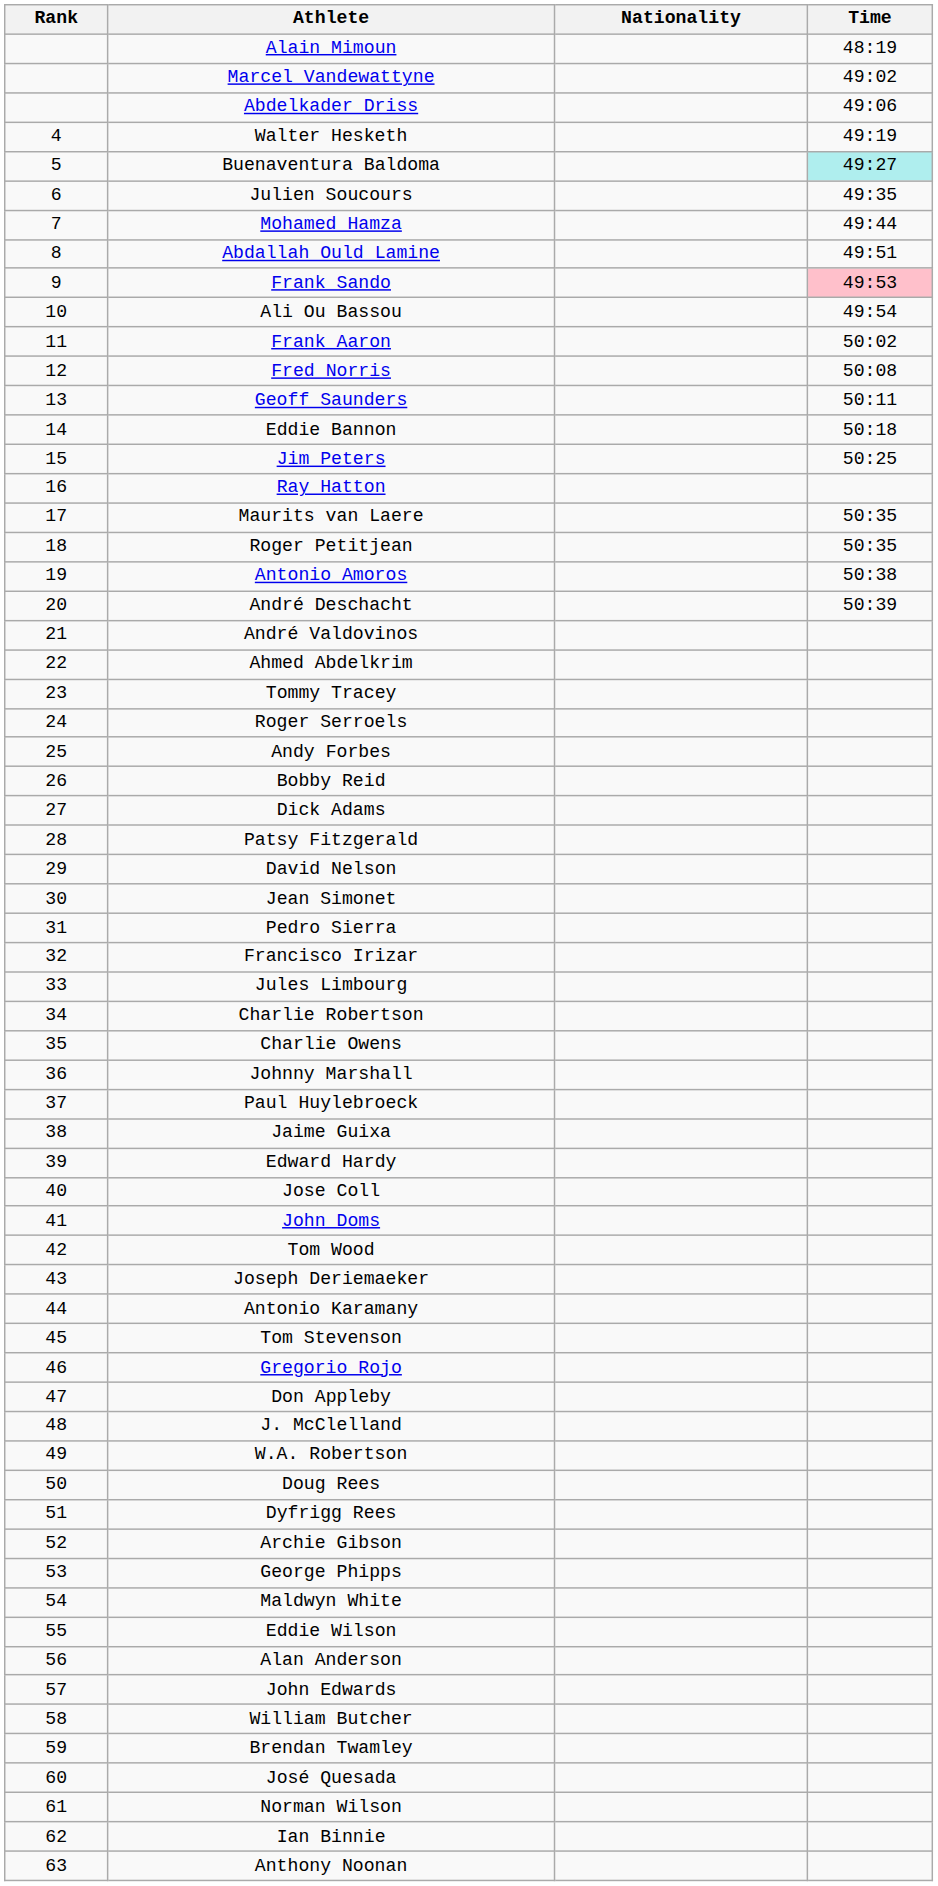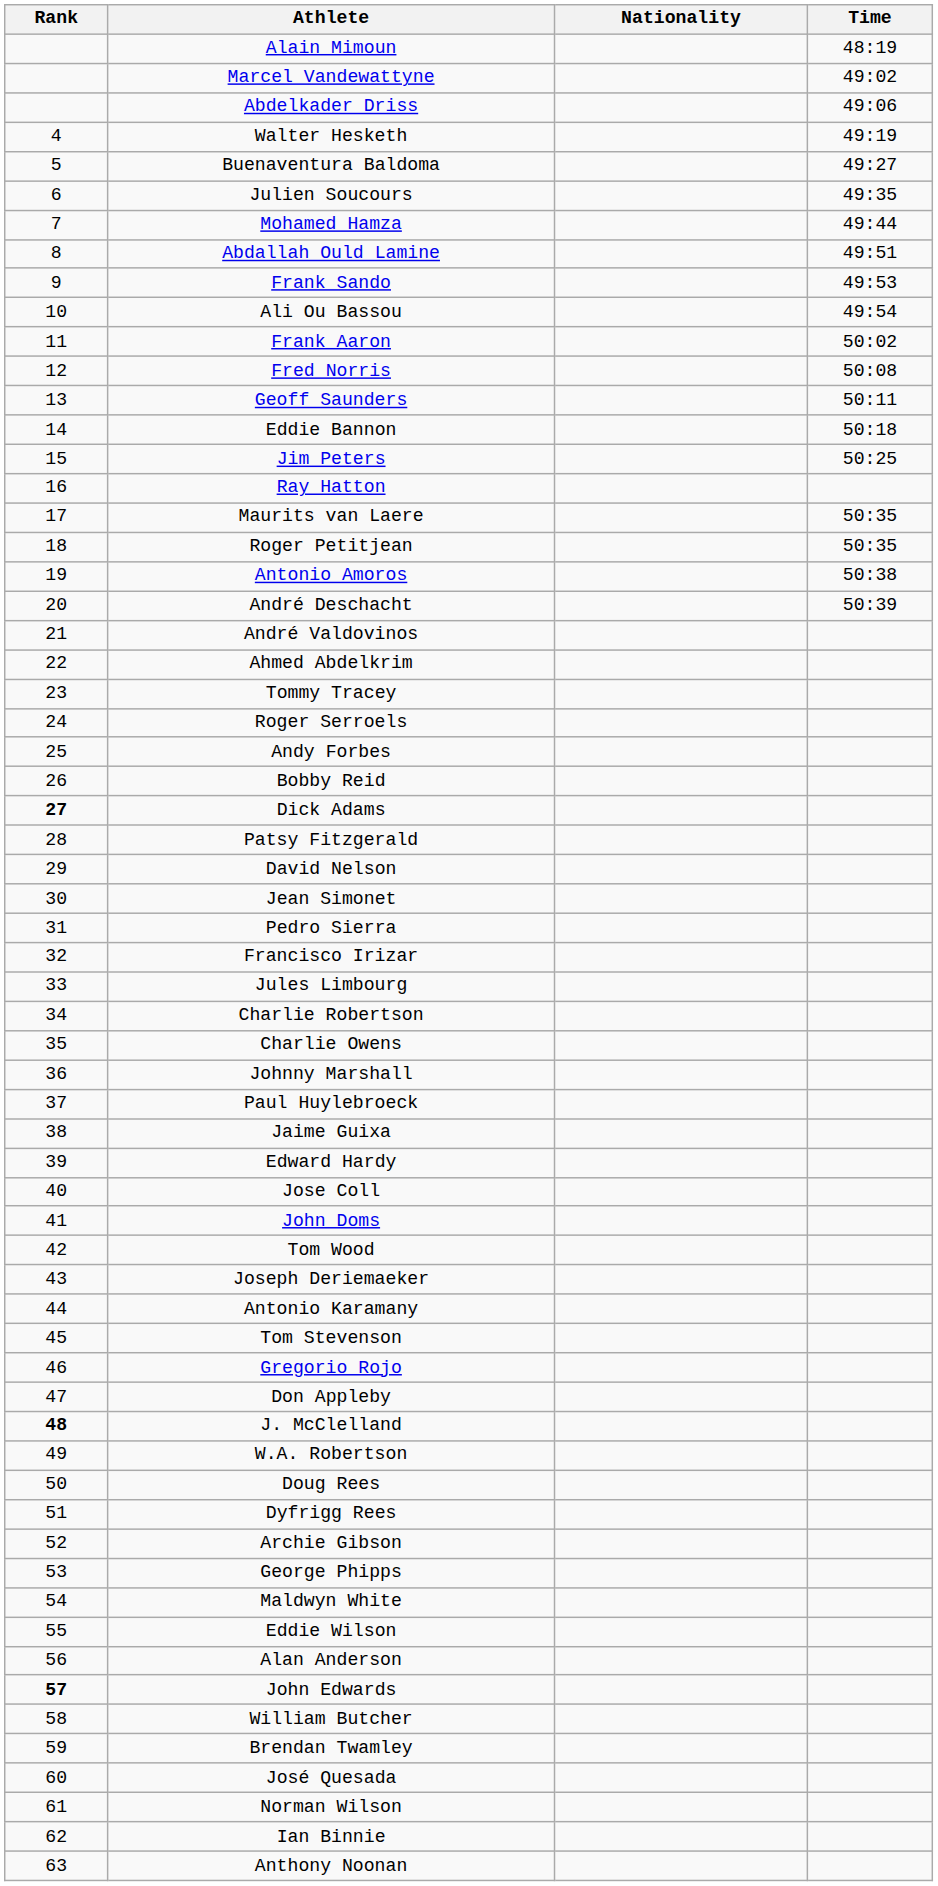 <table class="wikitable sortable" style=" text-align:center; font-size:95%;" width="50%">
 <tr>
 <th>Rank</th>
 <th>Athlete</th>
 <th>Nationality</th>
 <th>Time</th>
 </tr>
 <tr>
 <td align=center></td>
 <td><a href='#'>Alain Mimoun</a></td>
 <td></td>
 <td>48:19</td>
 </tr>
 <tr>
 <td align=center></td>
 <td><a href='#'>Marcel Vandewattyne</a></td>
 <td></td>
 <td>49:02</td>
 </tr>
 <tr>
 <td align=center></td>
 <td><a href='#'>Abdelkader Driss</a></td>
 <td></td>
 <td>49:06</td>
 </tr>
 <tr>
 <td align=center>4</td>
 <td>Walter Hesketh</td>
 <td></td>
 <td>49:19</td>
 </tr>
 <tr>
 <td align=center>5</td>
 <td>Buenaventura Baldoma</td>
 <td></td>
-<td style="background: paleturquoise;">49:27</td>
+<td>49:27</td>
 </tr>
 <tr>
 <td align=center>6</td>
 <td>Julien Soucours</td>
 <td></td>
 <td>49:35</td>
 </tr>
 <tr>
 <td align=center>7</td>
 <td><a href='#'>Mohamed Hamza</a></td>
 <td></td>
 <td>49:44</td>
 </tr>
 <tr>
 <td align=center>8</td>
 <td><a href='#'>Abdallah Ould Lamine</a></td>
 <td></td>
 <td>49:51</td>
 </tr>
 <tr>
 <td align=center>9</td>
 <td><a href='#'>Frank Sando</a></td>
 <td></td>
-<td style="background: pink;">49:53</td>
+<td>49:53</td>
 </tr>
 <tr>
 <td align=center>10</td>
 <td>Ali Ou Bassou</td>
 <td></td>
 <td>49:54</td>
 </tr>
 <tr>
 <td align=center>11</td>
 <td><a href='#'>Frank Aaron</a></td>
 <td></td>
 <td>50:02</td>
 </tr>
 <tr>
 <td align=center>12</td>
 <td><a href='#'>Fred Norris</a></td>
 <td></td>
 <td>50:08</td>
 </tr>
 <tr>
 <td align=center>13</td>
 <td><a href='#'>Geoff Saunders</a></td>
 <td></td>
 <td>50:11</td>
 </tr>
 <tr>
 <td align=center>14</td>
 <td>Eddie Bannon</td>
 <td></td>
 <td>50:18</td>
 </tr>
 <tr>
 <td align=center>15</td>
 <td><a href='#'>Jim Peters</a></td>
 <td></td>
 <td>50:25</td>
 </tr>
 <tr>
 <td align=center>16</td>
 <td><a href='#'>Ray Hatton</a></td>
 <td></td>
 <td></td>
 </tr>
 <tr>
 <td align=center>17</td>
 <td>Maurits van Laere</td>
 <td></td>
 <td>50:35</td>
 </tr>
 <tr>
 <td align=center>18</td>
 <td>Roger Petitjean</td>
 <td></td>
 <td>50:35</td>
 </tr>
 <tr>
 <td align=center>19</td>
 <td><a href='#'>Antonio Amoros</a></td>
 <td></td>
 <td>50:38</td>
 </tr>
 <tr>
 <td align=center>20</td>
 <td>André Deschacht</td>
 <td></td>
 <td>50:39</td>
 </tr>
 <tr>
 <td align=center>21</td>
 <td>André Valdovinos</td>
 <td></td>
 <td></td>
 </tr>
 <tr>
 <td align=center>22</td>
 <td>Ahmed Abdelkrim</td>
 <td></td>
 <td></td>
 </tr>
 <tr>
 <td align=center>23</td>
 <td>Tommy Tracey</td>
 <td></td>
 <td></td>
 </tr>
 <tr>
 <td align=center>24</td>
 <td>Roger Serroels</td>
 <td></td>
 <td></td>
 </tr>
 <tr>
 <td align=center>25</td>
 <td>Andy Forbes</td>
 <td></td>
 <td></td>
 </tr>
 <tr>
 <td align=center>26</td>
 <td>Bobby Reid</td>
 <td></td>
 <td></td>
 </tr>
 <tr>
-<td align=center>27</td>
+<td align=center><strong>27</strong></td>
 <td>Dick Adams</td>
 <td></td>
 <td></td>
 </tr>
 <tr>
 <td align=center>28</td>
 <td>Patsy Fitzgerald</td>
 <td></td>
 <td></td>
 </tr>
 <tr>
 <td align=center>29</td>
 <td>David Nelson</td>
 <td></td>
 <td></td>
 </tr>
 <tr>
 <td align=center>30</td>
 <td>Jean Simonet</td>
 <td></td>
 <td></td>
 </tr>
 <tr>
 <td align=center>31</td>
 <td>Pedro Sierra</td>
 <td></td>
 <td></td>
 </tr>
 <tr>
 <td align=center>32</td>
 <td>Francisco Irizar</td>
 <td></td>
 <td></td>
 </tr>
 <tr>
 <td align=center>33</td>
 <td>Jules Limbourg</td>
 <td></td>
 <td></td>
 </tr>
 <tr>
 <td align=center>34</td>
 <td>Charlie Robertson</td>
 <td></td>
 <td></td>
 </tr>
 <tr>
 <td align=center>35</td>
 <td>Charlie Owens</td>
 <td></td>
 <td></td>
 </tr>
 <tr>
 <td align=center>36</td>
 <td>Johnny Marshall</td>
 <td></td>
 <td></td>
 </tr>
 <tr>
 <td align=center>37</td>
 <td>Paul Huylebroeck</td>
 <td></td>
 <td></td>
 </tr>
 <tr>
 <td align=center>38</td>
 <td>Jaime Guixa</td>
 <td></td>
 <td></td>
 </tr>
 <tr>
 <td align=center>39</td>
 <td>Edward Hardy</td>
 <td></td>
 <td></td>
 </tr>
 <tr>
 <td align=center>40</td>
 <td>Jose Coll</td>
 <td></td>
 <td></td>
 </tr>
 <tr>
 <td align=center>41</td>
 <td><a href='#'>John Doms</a></td>
 <td></td>
 <td></td>
 </tr>
 <tr>
 <td align=center>42</td>
 <td>Tom Wood</td>
 <td></td>
 <td></td>
 </tr>
 <tr>
 <td align=center>43</td>
 <td>Joseph Deriemaeker</td>
 <td></td>
 <td></td>
 </tr>
 <tr>
 <td align=center>44</td>
 <td>Antonio Karamany</td>
 <td></td>
 <td></td>
 </tr>
 <tr>
 <td align=center>45</td>
 <td>Tom Stevenson</td>
 <td></td>
 <td></td>
 </tr>
 <tr>
 <td align=center>46</td>
 <td><a href='#'>Gregorio Rojo</a></td>
 <td></td>
 <td></td>
 </tr>
 <tr>
 <td align=center>47</td>
 <td>Don Appleby</td>
 <td></td>
 <td></td>
 </tr>
 <tr>
-<td align=center>48</td>
+<td align=center><strong>48</strong></td>
 <td>J. McClelland</td>
 <td></td>
 <td></td>
 </tr>
 <tr>
 <td align=center>49</td>
 <td>W.A. Robertson</td>
 <td></td>
 <td></td>
 </tr>
 <tr>
 <td align=center>50</td>
 <td>Doug Rees</td>
 <td></td>
 <td></td>
 </tr>
 <tr>
 <td align=center>51</td>
 <td>Dyfrigg Rees</td>
 <td></td>
 <td></td>
 </tr>
 <tr>
 <td align=center>52</td>
 <td>Archie Gibson</td>
 <td></td>
 <td></td>
 </tr>
 <tr>
 <td align=center>53</td>
 <td>George Phipps</td>
 <td></td>
 <td></td>
 </tr>
 <tr>
 <td align=center>54</td>
 <td>Maldwyn White</td>
 <td></td>
 <td></td>
 </tr>
 <tr>
 <td align=center>55</td>
 <td>Eddie Wilson</td>
 <td></td>
 <td></td>
 </tr>
 <tr>
 <td align=center>56</td>
 <td>Alan Anderson</td>
 <td></td>
 <td></td>
 </tr>
 <tr>
-<td align=center>57</td>
+<td align=center><strong>57</strong></td>
 <td>John Edwards</td>
 <td></td>
 <td></td>
 </tr>
 <tr>
 <td align=center>58</td>
 <td>William Butcher</td>
 <td></td>
 <td></td>
 </tr>
 <tr>
 <td align=center>59</td>
 <td>Brendan Twamley</td>
 <td></td>
 <td></td>
 </tr>
 <tr>
 <td align=center>60</td>
 <td>José Quesada</td>
 <td></td>
 <td></td>
 </tr>
 <tr>
 <td align=center>61</td>
 <td>Norman Wilson</td>
 <td></td>
 <td></td>
 </tr>
 <tr>
 <td align=center>62</td>
 <td>Ian Binnie</td>
 <td></td>
 <td></td>
 </tr>
 <tr>
 <td align=center>63</td>
 <td>Anthony Noonan</td>
 <td></td>
 <td></td>
 </tr>
 </table>
